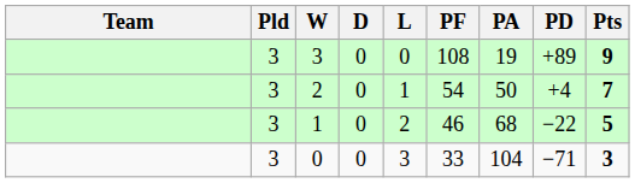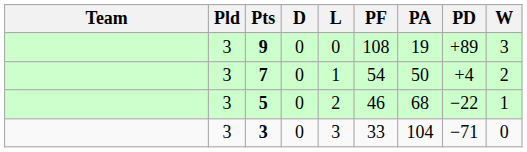 <table class="wikitable" style="text-align:center;">
 <tr>
 <th width=175>Team</th>
 <th width=25 abbr="Played">Pld</th>
-<th width=25 abbr="Won">W</th>
+<th width=25 abbr="Points">Pts</th>
 <th width=25 abbr="Drawn">D</th>
 <th width=25 abbr="Lost">L</th>
 <th width=32 abbr="Points for">PF</th>
 <th width=32 abbr="Points against">PA</th>
 <th width=32 abbr="Points difference">PD</th>
-<th width=25 abbr="Points">Pts</th>
+<th width=25 abbr="Won">W</th>
 </tr>
 <tr bgcolor=ccffcc>
 <td align=left></td>
 <td>3</td>
-<td>3</td>
+<td><strong>9</strong></td>
 <td>0</td>
 <td>0</td>
 <td>108</td>
 <td>19</td>
 <td>+89</td>
-<td><strong>9</strong></td>
+<td>3</td>
 </tr>
 <tr bgcolor=ccffcc>
 <td align=left></td>
 <td>3</td>
-<td>2</td>
+<td><strong>7</strong></td>
 <td>0</td>
 <td>1</td>
 <td>54</td>
 <td>50</td>
 <td>+4</td>
-<td><strong>7</strong></td>
+<td>2</td>
 </tr>
 <tr bgcolor=ccffcc>
 <td align=left></td>
 <td>3</td>
-<td>1</td>
+<td><strong>5</strong></td>
 <td>0</td>
 <td>2</td>
 <td>46</td>
 <td>68</td>
 <td>−22</td>
-<td><strong>5</strong></td>
+<td>1</td>
 </tr>
 <tr>
 <td align=left></td>
 <td>3</td>
-<td>0</td>
+<td><strong>3</strong></td>
 <td>0</td>
 <td>3</td>
 <td>33</td>
 <td>104</td>
 <td>−71</td>
-<td><strong>3</strong></td>
+<td>0</td>
 </tr>
 </table>
